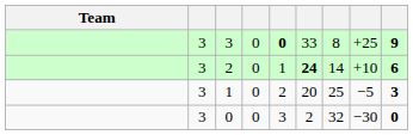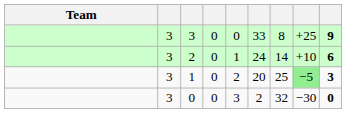 <table class="wikitable" style="text-align:center;">
 <tr>
 <th width=180>Team</th>
 <th width=20></th>
 <th width=20></th>
 <th width=20></th>
 <th width=20></th>
 <th width=20></th>
 <th width=20></th>
 <th width=20></th>
 <th width=20></th>
 </tr>
 <tr style="background-color:#ccffcc">
 <td style="text-align:left;"></td>
 <td>3</td>
 <td>3</td>
 <td>0</td>
-<td><strong>0</strong></td>
+<td>0</td>
 <td>33</td>
 <td>8</td>
 <td>+25</td>
 <td><strong>9</strong></td>
 </tr>
 <tr style="background-color:#ccffcc">
 <td style="text-align:left;"></td>
 <td>3</td>
 <td>2</td>
 <td>0</td>
 <td>1</td>
-<td><strong>24</strong></td>
+<td>24</td>
 <td>14</td>
 <td>+10</td>
 <td><strong>6</strong></td>
 </tr>
 <tr>
 <td style="text-align:left;"></td>
 <td>3</td>
 <td>1</td>
 <td>0</td>
 <td>2</td>
 <td>20</td>
 <td>25</td>
-<td>−5</td>
+<td style="background: lightgreen;">−5</td>
 <td><strong>3</strong></td>
 </tr>
 <tr>
 <td style="text-align:left;"></td>
 <td>3</td>
 <td>0</td>
 <td>0</td>
 <td>3</td>
 <td>2</td>
 <td>32</td>
 <td>−30</td>
 <td><strong>0</strong></td>
 </tr>
 </table>
